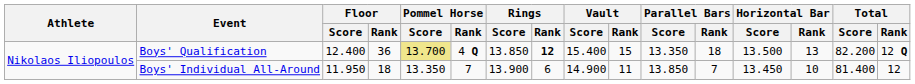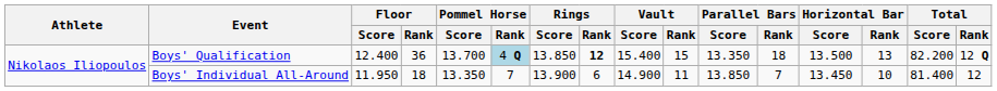 <table class="wikitable" border="1" style="font-size:90%">
 <tr>
 <th rowspan=2>Athlete</th>
 <th rowspan=2>Event</th>
 <th colspan=2>Floor</th>
 <th colspan=2>Pommel Horse</th>
 <th colspan=2>Rings</th>
 <th colspan=2>Vault</th>
 <th colspan=2>Parallel Bars</th>
 <th colspan=2>Horizontal Bar</th>
 <th colspan=2>Total</th>
 </tr>
 <tr>
 <th>Score</th>
 <th>Rank</th>
 <th>Score</th>
 <th>Rank</th>
 <th>Score</th>
 <th>Rank</th>
 <th>Score</th>
 <th>Rank</th>
 <th>Score</th>
 <th>Rank</th>
 <th>Score</th>
 <th>Rank</th>
 <th>Score</th>
 <th>Rank</th>
 </tr>
 <tr>
 <td rowspan=2><a href='#'>Nikolaos Iliopoulos</a></td>
 <td><a href='#'>Boys' Qualification</a></td>
 <td align=center>12.400</td>
 <td align=center>36</td>
-<td align=center style="background: khaki;">13.700</td>
-<td align=center>4 <strong>Q</strong></td>
+<td align=center>13.700</td>
+<td align=center style="background: lightblue;">4 <strong>Q</strong></td>
 <td align=center>13.850</td>
 <td align=center><strong>12</strong></td>
 <td align=center>15.400</td>
 <td align=center>15</td>
 <td align=center>13.350</td>
 <td align=center>18</td>
 <td align=center>13.500</td>
 <td align=center>13</td>
 <td align=center>82.200</td>
 <td align=center>12 <strong>Q</strong></td>
 </tr>
 <tr>
 <td><a href='#'>Boys' Individual All-Around</a></td>
 <td align=center>11.950</td>
 <td align=center>18</td>
 <td align=center>13.350</td>
 <td align=center>7</td>
 <td align=center>13.900</td>
 <td align=center>6</td>
 <td align=center>14.900</td>
 <td align=center>11</td>
 <td align=center>13.850</td>
 <td align=center>7</td>
 <td align=center>13.450</td>
 <td align=center>10</td>
 <td align=center>81.400</td>
 <td align=center>12</td>
 </tr>
 </table>
